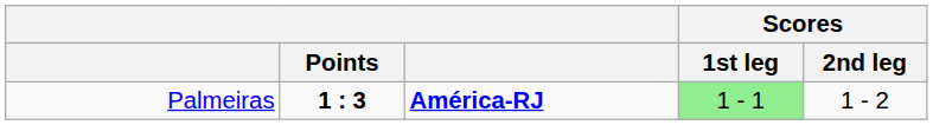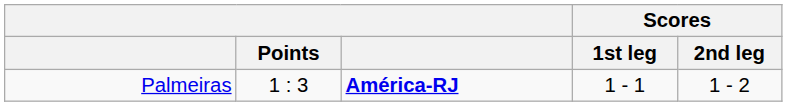 <table class="wikitable" style="text-align:center;">
 <tr>
 <th colspan=3></th>
 <th colspan=3>Scores</th>
 </tr>
 <tr>
 <th width="175"></th>
 <th width="75">Points</th>
 <th width="175"></th>
 <th width="75">1st leg</th>
 <th width="75">2nd leg</th>
 </tr>
 <tr>
 <td align=right><a href='#'>Palmeiras</a></td>
-<td><strong>1 : 3</strong></td>
+<td>1 : 3</td>
 <td align=left><strong><a href='#'>América-RJ</a></strong></td>
-<td style="background: lightgreen;">1 - 1</td>
+<td>1 - 1</td>
 <td>1 - 2</td>
 </tr>
 </table>
